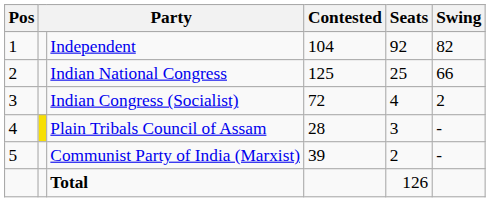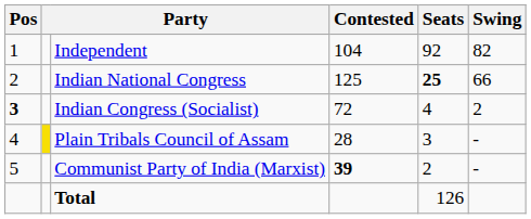 <table class ="wikitable sortable">
 <tr valign="top">
 <th>Pos</th>
 <th colspan=2>Party</th>
 <th>Contested</th>
 <th>Seats</th>
 <th>Swing</th>
 </tr>
 <tr>
 <td>1</td>
 <td bgcolor= ></td>
 <td><a href='#'>Independent</a></td>
 <td>104</td>
 <td>92</td>
 <td>82</td>
 </tr>
 <tr>
 <td>2</td>
 <td bgcolor= ></td>
 <td><a href='#'>Indian National Congress</a></td>
 <td>125</td>
-<td>25</td>
+<td><strong>25</strong></td>
 <td>66</td>
 </tr>
 <tr>
-<td>3</td>
+<td><strong>3</strong></td>
 <td bgcolor= ></td>
 <td><a href='#'>Indian Congress (Socialist)</a></td>
 <td>72</td>
 <td>4</td>
 <td>2</td>
 </tr>
 <tr>
 <td>4</td>
 <td bgcolor=#F7DF05></td>
 <td><a href='#'>Plain Tribals Council of Assam</a></td>
 <td>28</td>
 <td>3</td>
 <td>-</td>
 </tr>
 <tr>
 <td>5</td>
 <td bgcolor= ></td>
 <td><a href='#'>Communist Party of India (Marxist)</a></td>
-<td>39</td>
+<td><strong>39</strong></td>
 <td>2</td>
 <td>-</td>
 </tr>
 <tr>
 <td></td>
 <td></td>
 <td><strong>Total</strong></td>
 <td></td>
 <td align="right">126</td>
 <td></td>
 </tr>
 </table>
